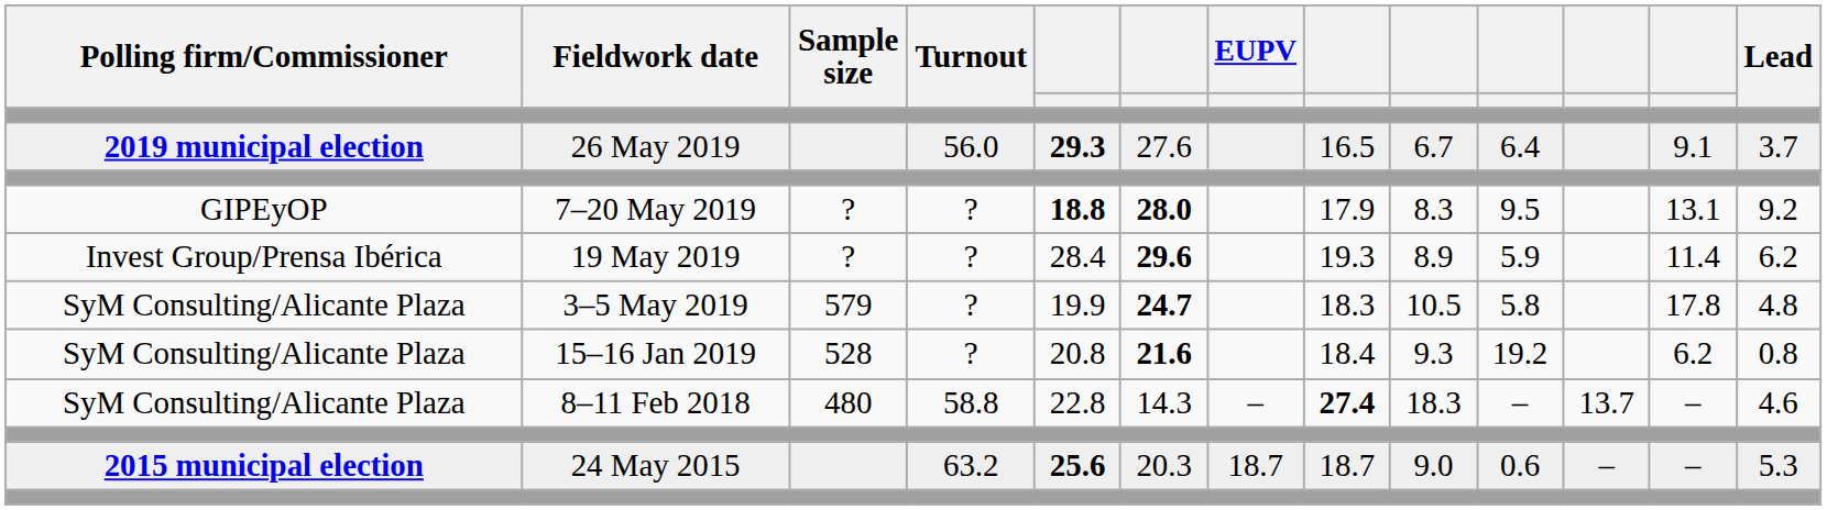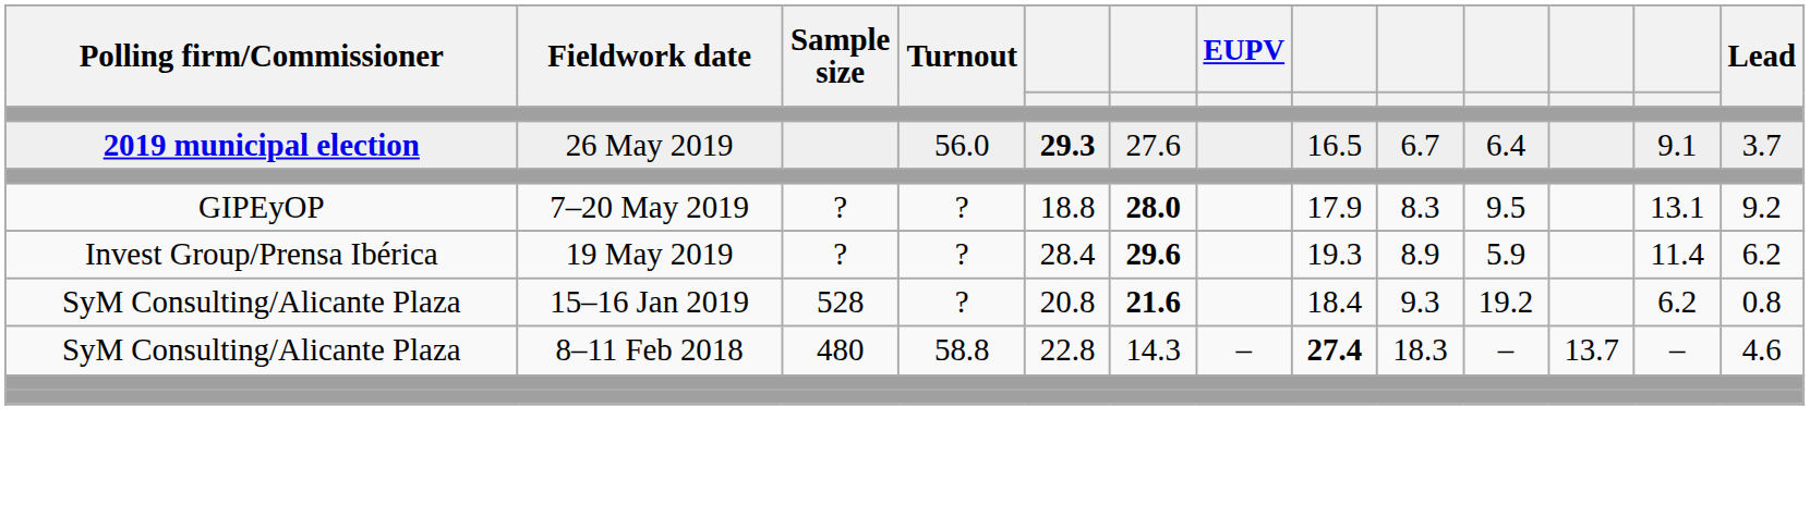 <table class="wikitable collapsible collapsed" style="text-align:center; font-size:95%; line-height:16px;">
 <tr style="height:42px;">
 <th style="width:250px;" rowspan="2">Polling firm/Commissioner</th>
 <th style="width:125px;" rowspan="2">Fieldwork date</th>
 <th style="width:50px;" rowspan="2">Sample size</th>
 <th style="width:45px;" rowspan="2">Turnout</th>
 <th style="width:35px;"></th>
 <th style="width:35px;"></th>
 <th style="width:35px; font-size:95%;"><a href='#'>EUPV</a></th>
 <th style="width:35px;"></th>
 <th style="width:35px;"></th>
 <th style="width:35px;"></th>
 <th style="width:35px;"></th>
 <th style="width:35px;"></th>
 <th style="width:30px;" rowspan="2">Lead</th>
 </tr>
 <tr>
 <th style="color:inherit;background:"></th>
 <th style="color:inherit;background:"></th>
 <th style="color:inherit;background:"></th>
 <th style="color:inherit;background:"></th>
 <th style="color:inherit;background:"></th>
 <th style="color:inherit;background:"></th>
 <th style="color:inherit;background:"></th>
 <th style="color:inherit;background:"></th>
 </tr>
 <tr>
 <td colspan="13" style="background:#A0A0A0"></td>
 </tr>
 <tr style="background:#EFEFEF;">
 <td><strong><a href='#'>2019 municipal election</a></strong></td>
 <td>26 May 2019</td>
 <td></td>
 <td>56.0</td>
 <td><strong>29.3</strong><br></td>
 <td>27.6<br></td>
 <td></td>
 <td>16.5<br></td>
 <td>6.7<br></td>
 <td>6.4<br></td>
 <td></td>
 <td>9.1<br></td>
 <td style="background:">3.7</td>
 </tr>
 <tr>
 <td colspan="13" style="background:#A0A0A0"></td>
 </tr>
 <tr>
 <td>GIPEyOP</td>
 <td>7–20 May 2019</td>
 <td>?</td>
 <td>?</td>
-<td><strong>18.8<br></strong></td>
+<td>18.8<br></td>
 <td><strong>28.0</strong><br></td>
 <td></td>
 <td>17.9<br></td>
 <td>8.3<br></td>
 <td>9.5<br></td>
 <td></td>
 <td>13.1<br></td>
 <td style="background:">9.2</td>
 </tr>
 <tr>
 <td>Invest Group/Prensa Ibérica</td>
 <td>19 May 2019</td>
 <td>?</td>
 <td>?</td>
 <td>28.4<br></td>
 <td><strong>29.6</strong><br></td>
 <td></td>
 <td>19.3<br></td>
 <td>8.9<br></td>
 <td>5.9<br></td>
 <td></td>
 <td>11.4<br></td>
 <td style="background:">6.2</td>
-</tr>
-<tr>
-<td>SyM Consulting/Alicante Plaza</td>
-<td>3–5 May 2019</td>
-<td>579</td>
-<td>?</td>
-<td>19.9<br></td>
-<td><strong>24.7</strong><br></td>
-<td></td>
-<td>18.3<br></td>
-<td>10.5<br></td>
-<td>5.8<br></td>
-<td></td>
-<td>17.8<br></td>
-<td style="background:">4.8</td>
 </tr>
 <tr>
 <td>SyM Consulting/Alicante Plaza</td>
 <td>15–16 Jan 2019</td>
 <td>528</td>
 <td>?</td>
 <td>20.8<br></td>
 <td><strong>21.6</strong><br></td>
 <td></td>
 <td>18.4<br></td>
 <td>9.3<br></td>
 <td>19.2<br></td>
 <td></td>
 <td>6.2<br></td>
 <td style="background:">0.8</td>
 </tr>
 <tr>
 <td>SyM Consulting/Alicante Plaza</td>
 <td>8–11 Feb 2018</td>
 <td>480</td>
 <td>58.8</td>
 <td>22.8<br></td>
 <td>14.3<br></td>
 <td>–</td>
 <td><strong>27.4</strong><br></td>
 <td>18.3<br></td>
 <td>–</td>
 <td>13.7<br></td>
 <td>–</td>
 <td style="background:">4.6</td>
 </tr>
 <tr>
 <td colspan="13" style="background:#A0A0A0"></td>
 </tr>
-<tr style="background:#EFEFEF;">
-<td><strong><a href='#'>2015 municipal election</a></strong></td>
-<td>24 May 2015</td>
-<td></td>
-<td>63.2</td>
-<td><strong>25.6</strong><br></td>
-<td>20.3<br></td>
-<td>18.7<br></td>
-<td>18.7<br></td>
-<td>9.0<br></td>
-<td>0.6<br></td>
-<td>–</td>
-<td>–</td>
-<td style="background:">5.3</td>
-</tr>
 <tr>
 <td colspan="13" style="background:#A0A0A0"></td>
 </tr>
 </table>
